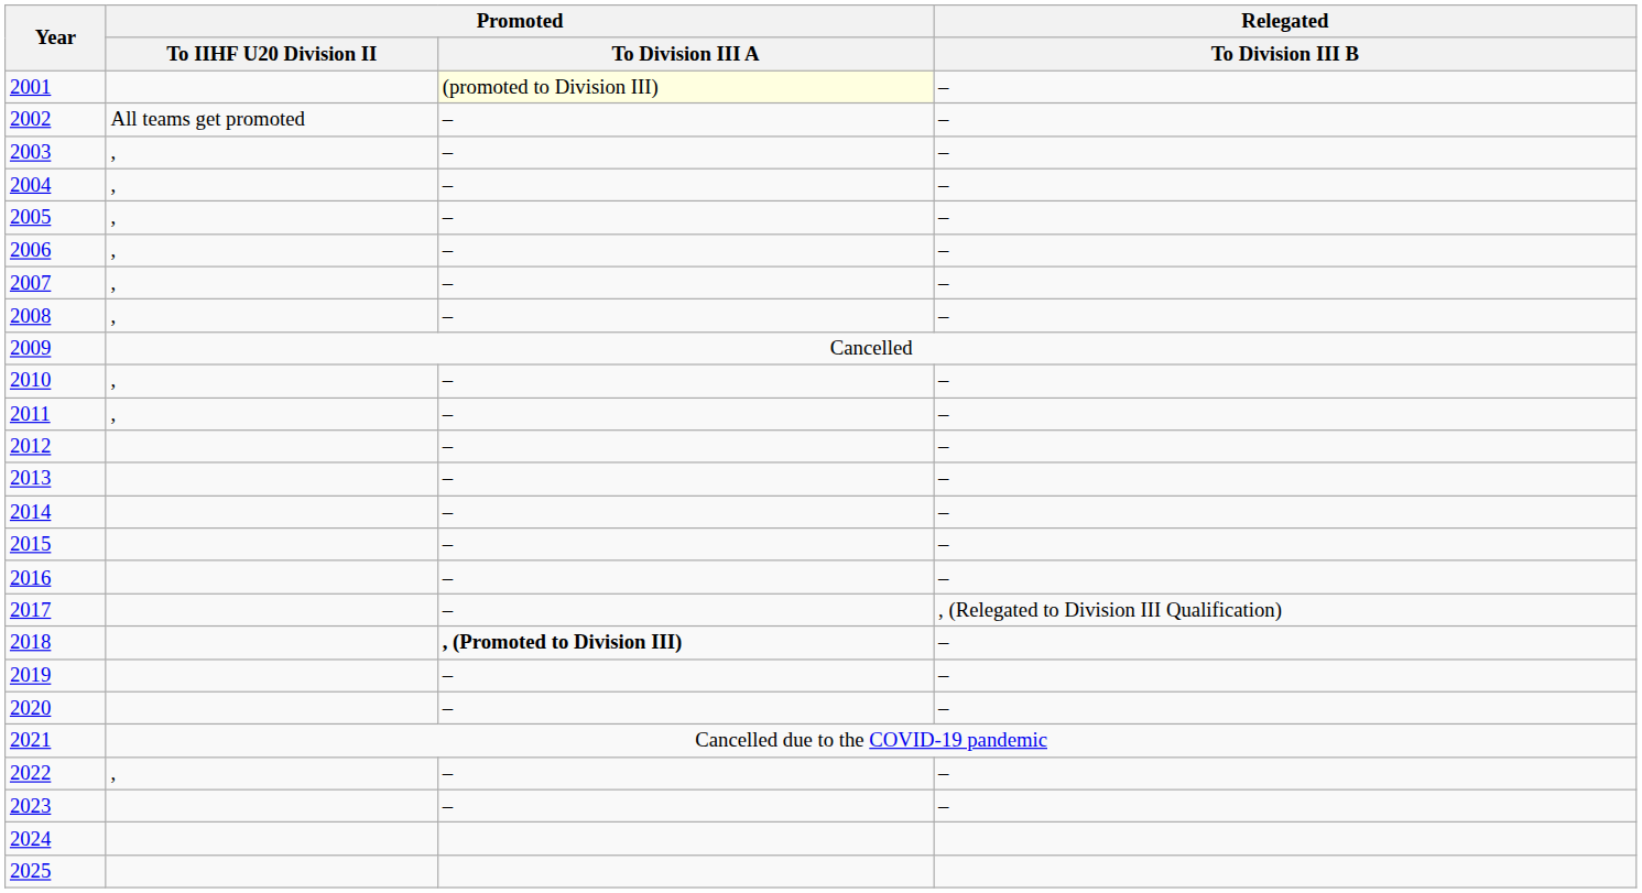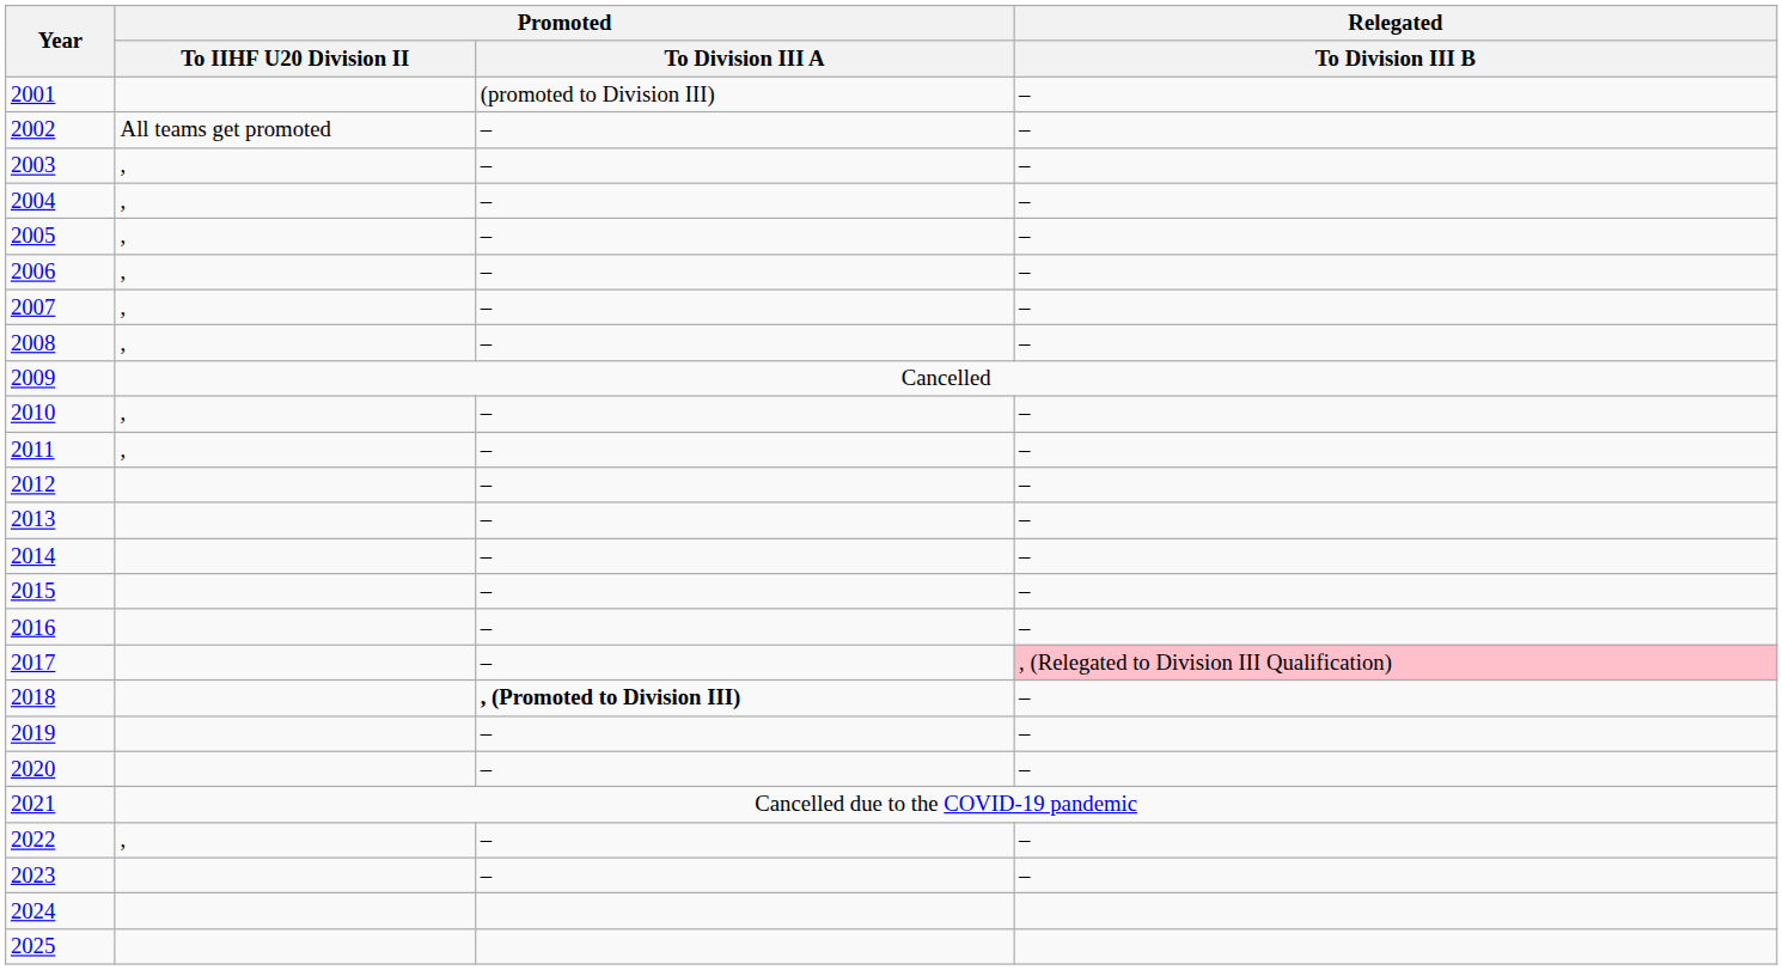 <table class="wikitable" width=80%>
 <tr>
 <th rowspan=2>Year</th>
 <th colspan=2>Promoted</th>
 <th colspan=1>Relegated</th>
 </tr>
 <tr>
 <th width=250px>To IIHF U20 Division II</th>
 <th>To Division III A</th>
 <th>To Division III B</th>
 </tr>
 <tr>
 <td><a href='#'>2001</a></td>
 <td></td>
-<td style="background: lightyellow;"> (promoted to Division III)</td>
+<td> (promoted to Division III)</td>
 <td>–</td>
 </tr>
 <tr>
 <td><a href='#'>2002</a></td>
 <td>All teams get promoted</td>
 <td>–</td>
 <td>–</td>
 </tr>
 <tr>
 <td><a href='#'>2003</a></td>
 <td>, </td>
 <td>–</td>
 <td>–</td>
 </tr>
 <tr>
 <td><a href='#'>2004</a></td>
 <td>, </td>
 <td>–</td>
 <td>–</td>
 </tr>
 <tr>
 <td><a href='#'>2005</a></td>
 <td>, </td>
 <td>–</td>
 <td>–</td>
 </tr>
 <tr>
 <td><a href='#'>2006</a></td>
 <td>, </td>
 <td>–</td>
 <td>–</td>
 </tr>
 <tr>
 <td><a href='#'>2007</a></td>
 <td>, </td>
 <td>–</td>
 <td>–</td>
 </tr>
 <tr>
 <td><a href='#'>2008</a></td>
 <td>, </td>
 <td>–</td>
 <td>–</td>
 </tr>
 <tr>
 <td><a href='#'>2009</a></td>
 <td colspan=3 align=center>Cancelled</td>
 </tr>
 <tr>
 <td><a href='#'>2010</a></td>
 <td>, </td>
 <td>–</td>
 <td>–</td>
 </tr>
 <tr>
 <td><a href='#'>2011</a></td>
 <td>, </td>
 <td>–</td>
 <td>–</td>
 </tr>
 <tr>
 <td><a href='#'>2012</a></td>
 <td></td>
 <td>–</td>
 <td>–</td>
 </tr>
 <tr>
 <td><a href='#'>2013</a></td>
 <td></td>
 <td>–</td>
 <td>–</td>
 </tr>
 <tr>
 <td><a href='#'>2014</a></td>
 <td></td>
 <td>–</td>
 <td>–</td>
 </tr>
 <tr>
 <td><a href='#'>2015</a></td>
 <td></td>
 <td>–</td>
 <td>–</td>
 </tr>
 <tr>
 <td><a href='#'>2016</a></td>
 <td></td>
 <td>–</td>
 <td>–</td>
 </tr>
 <tr>
 <td><a href='#'>2017</a></td>
 <td></td>
 <td>–</td>
-<td>,  (Relegated to Division III Qualification)</td>
+<td style="background: pink;">,  (Relegated to Division III Qualification)</td>
 </tr>
 <tr>
 <td><a href='#'>2018</a></td>
 <td></td>
 <td><strong>,  (Promoted to Division III)</strong></td>
 <td>–</td>
 </tr>
 <tr>
 <td><a href='#'>2019</a></td>
 <td></td>
 <td>–</td>
 <td>–</td>
 </tr>
 <tr>
 <td><a href='#'>2020</a></td>
 <td></td>
 <td>–</td>
 <td>–</td>
 </tr>
 <tr>
 <td><a href='#'>2021</a></td>
 <td colspan=3 align=center>Cancelled due to the <a href='#'>COVID-19 pandemic</a></td>
 </tr>
 <tr>
 <td><a href='#'>2022</a></td>
 <td>, </td>
 <td>–</td>
 <td>–</td>
 </tr>
 <tr>
 <td><a href='#'>2023</a></td>
 <td></td>
 <td>–</td>
 <td>–</td>
 </tr>
 <tr>
 <td><a href='#'>2024</a></td>
 <td></td>
 <td></td>
 <td></td>
 </tr>
 <tr>
 <td><a href='#'>2025</a></td>
 <td></td>
 <td></td>
 <td></td>
 </tr>
 </table>
